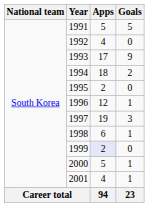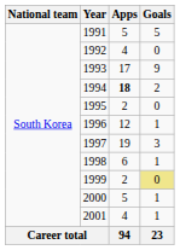 <table class="wikitable" style="text-align:center">
 <tr>
 <th>National team</th>
 <th>Year</th>
 <th>Apps</th>
 <th>Goals</th>
 </tr>
 <tr>
 <td rowspan="11"><a href='#'>South Korea</a></td>
 <td>1991</td>
 <td>5</td>
 <td>5</td>
 </tr>
 <tr>
 <td>1992</td>
 <td>4</td>
 <td>0</td>
 </tr>
 <tr>
 <td>1993</td>
 <td>17</td>
 <td>9</td>
 </tr>
 <tr>
 <td>1994</td>
-<td>18</td>
+<td><strong>18</strong></td>
 <td>2</td>
 </tr>
 <tr>
 <td>1995</td>
 <td>2</td>
 <td>0</td>
 </tr>
 <tr>
 <td>1996</td>
 <td>12</td>
 <td>1</td>
 </tr>
 <tr>
 <td>1997</td>
 <td>19</td>
 <td>3</td>
 </tr>
 <tr>
 <td>1998</td>
 <td>6</td>
 <td>1</td>
 </tr>
 <tr>
 <td>1999</td>
-<td style="background: lavender;">2</td>
-<td>0</td>
+<td>2</td>
+<td style="background: khaki;">0</td>
 </tr>
 <tr>
 <td>2000</td>
 <td>5</td>
 <td>1</td>
 </tr>
 <tr>
 <td>2001</td>
 <td>4</td>
 <td>1</td>
 </tr>
 <tr>
 <th colspan="2">Career total</th>
 <th>94</th>
 <th>23</th>
 </tr>
 </table>
